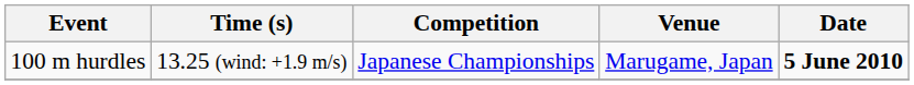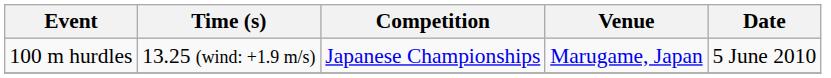 <table class="wikitable" style=text-align:center>
 <tr>
 <th>Event</th>
 <th>Time (s)</th>
 <th>Competition</th>
 <th>Venue</th>
 <th>Date</th>
 </tr>
 <tr>
 <td>100 m hurdles</td>
 <td>13.25 <small>(wind: +1.9 m/s)</small></td>
 <td><a href='#'>Japanese Championships</a></td>
 <td><a href='#'>Marugame, Japan</a></td>
-<td><strong>5 June 2010</strong></td>
+<td>5 June 2010</td>
 </tr>
 <tr>
 </tr>
 </table>
